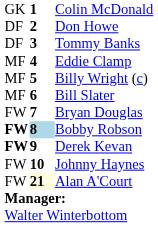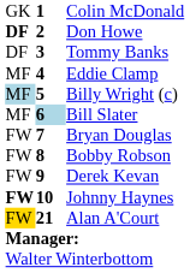 <table cellspacing="0" cellpadding="0" style="font-size:90%; margin:0.2em auto;">
 <tr>
 <th width="25"></th>
 <th width="25"></th>
 </tr>
 <tr>
 <td>GK</td>
 <td><strong>1</strong></td>
 <td><a href='#'>Colin McDonald</a></td>
 </tr>
 <tr>
-<td>DF</td>
+<td><strong>DF</strong></td>
 <td><strong>2</strong></td>
 <td><a href='#'>Don Howe</a></td>
 </tr>
 <tr>
 <td>DF</td>
 <td><strong>3</strong></td>
 <td><a href='#'>Tommy Banks</a></td>
 </tr>
 <tr>
 <td>MF</td>
 <td><strong>4</strong></td>
 <td><a href='#'>Eddie Clamp</a></td>
 </tr>
 <tr>
-<td>MF</td>
+<td style="background: lightblue;">MF</td>
 <td><strong>5</strong></td>
 <td><a href='#'>Billy Wright</a> (<a href='#'>c</a>)</td>
 </tr>
 <tr>
 <td>MF</td>
-<td><strong>6</strong></td>
+<td style="background: lightblue;"><strong>6</strong></td>
 <td><a href='#'>Bill Slater</a></td>
 </tr>
 <tr>
 <td>FW</td>
 <td><strong>7</strong></td>
 <td><a href='#'>Bryan Douglas</a></td>
 </tr>
 <tr>
-<td><strong>FW</strong></td>
-<td style="background: lightblue;"><strong>8</strong></td>
+<td>FW</td>
+<td><strong>8</strong></td>
 <td><a href='#'>Bobby Robson</a></td>
 </tr>
 <tr>
-<td><strong>FW</strong></td>
+<td>FW</td>
 <td><strong>9</strong></td>
 <td><a href='#'>Derek Kevan</a></td>
 </tr>
 <tr>
-<td>FW</td>
+<td><strong>FW</strong></td>
 <td><strong>10</strong></td>
 <td><a href='#'>Johnny Haynes</a></td>
 </tr>
 <tr>
-<td>FW</td>
-<td style="background: lightyellow;"><strong>21</strong></td>
+<td style="background: gold;">FW</td>
+<td><strong>21</strong></td>
 <td><a href='#'>Alan A'Court</a></td>
 </tr>
 <tr>
 <td colspan=3><strong>Manager:</strong></td>
 </tr>
 <tr>
 <td colspan=4><a href='#'>Walter Winterbottom</a></td>
 </tr>
 </table>
